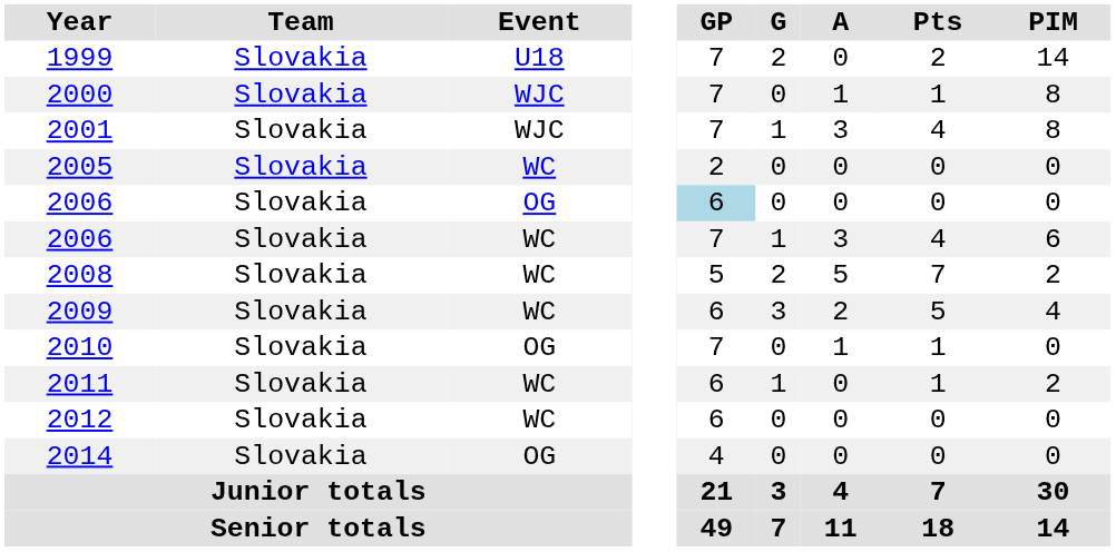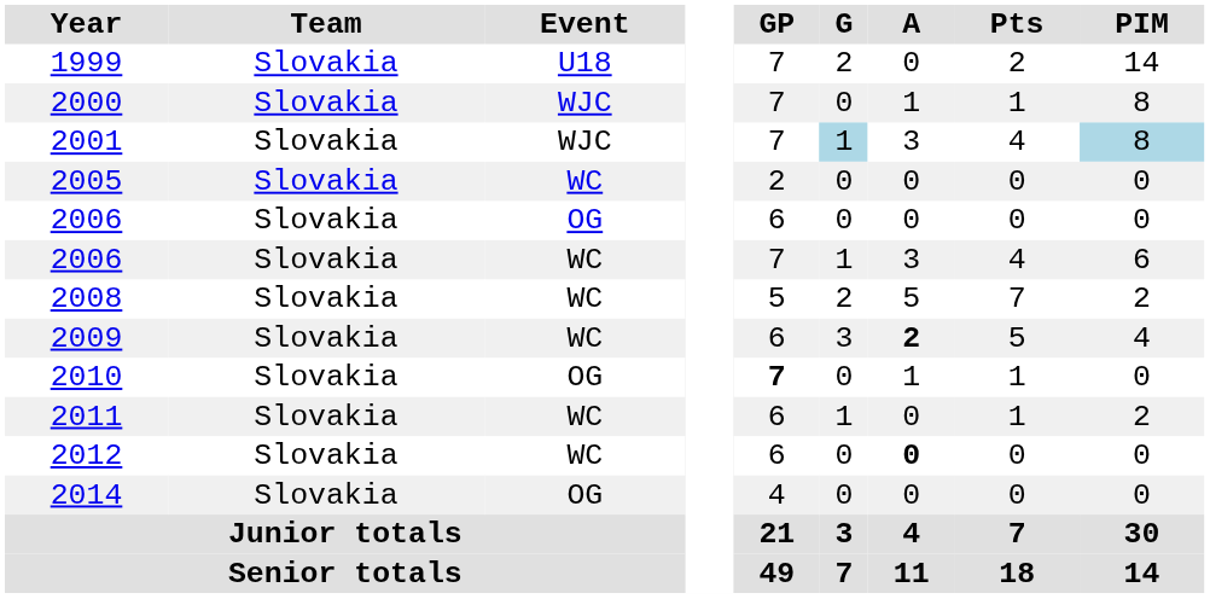 <table border="0" cellpadding="1" cellspacing="0" style="text-align:center; width:40em">
 <tr align="center" bgcolor="#e0e0e0">
 <th>Year</th>
 <th>Team</th>
 <th>Event</th>
 <th rowspan="99" bgcolor="#ffffff"> </th>
 <th>GP</th>
 <th>G</th>
 <th>A</th>
 <th>Pts</th>
 <th>PIM</th>
 </tr>
 <tr>
 <td><a href='#'>1999</a></td>
 <td><a href='#'>Slovakia</a></td>
 <td><a href='#'>U18</a></td>
 <td>7</td>
 <td>2</td>
 <td>0</td>
 <td>2</td>
 <td>14</td>
 </tr>
 <tr bgcolor="#f0f0f0">
 <td><a href='#'>2000</a></td>
 <td><a href='#'>Slovakia</a></td>
 <td><a href='#'>WJC</a></td>
 <td>7</td>
 <td>0</td>
 <td>1</td>
 <td>1</td>
 <td>8</td>
 </tr>
 <tr>
 <td><a href='#'>2001</a></td>
 <td>Slovakia</td>
 <td>WJC</td>
 <td>7</td>
-<td>1</td>
+<td style="background: lightblue;">1</td>
 <td>3</td>
 <td>4</td>
-<td>8</td>
+<td style="background: lightblue;">8</td>
 </tr>
 <tr bgcolor="#f0f0f0">
 <td><a href='#'>2005</a></td>
 <td><a href='#'>Slovakia</a></td>
 <td><a href='#'>WC</a></td>
 <td>2</td>
 <td>0</td>
 <td>0</td>
 <td>0</td>
 <td>0</td>
 </tr>
 <tr>
 <td><a href='#'>2006</a></td>
 <td>Slovakia</td>
 <td><a href='#'>OG</a></td>
-<td style="background: lightblue;">6</td>
+<td>6</td>
 <td>0</td>
 <td>0</td>
 <td>0</td>
 <td>0</td>
 </tr>
 <tr bgcolor="#f0f0f0">
 <td><a href='#'>2006</a></td>
 <td>Slovakia</td>
 <td>WC</td>
 <td>7</td>
 <td>1</td>
 <td>3</td>
 <td>4</td>
 <td>6</td>
 </tr>
 <tr>
 <td><a href='#'>2008</a></td>
 <td>Slovakia</td>
 <td>WC</td>
 <td>5</td>
 <td>2</td>
 <td>5</td>
 <td>7</td>
 <td>2</td>
 </tr>
 <tr bgcolor="#f0f0f0">
 <td><a href='#'>2009</a></td>
 <td>Slovakia</td>
 <td>WC</td>
 <td>6</td>
 <td>3</td>
-<td>2</td>
+<td><strong>2</strong></td>
 <td>5</td>
 <td>4</td>
 </tr>
 <tr>
 <td><a href='#'>2010</a></td>
 <td>Slovakia</td>
 <td>OG</td>
-<td>7</td>
+<td><strong>7</strong></td>
 <td>0</td>
 <td>1</td>
 <td>1</td>
 <td>0</td>
 </tr>
 <tr bgcolor="#f0f0f0">
 <td><a href='#'>2011</a></td>
 <td>Slovakia</td>
 <td>WC</td>
 <td>6</td>
 <td>1</td>
 <td>0</td>
 <td>1</td>
 <td>2</td>
 </tr>
 <tr>
 <td><a href='#'>2012</a></td>
 <td>Slovakia</td>
 <td>WC</td>
 <td>6</td>
 <td>0</td>
-<td>0</td>
+<td><strong>0</strong></td>
 <td>0</td>
 <td>0</td>
 </tr>
 <tr bgcolor="#f0f0f0">
 <td><a href='#'>2014</a></td>
 <td>Slovakia</td>
 <td>OG</td>
 <td>4</td>
 <td>0</td>
 <td>0</td>
 <td>0</td>
 <td>0</td>
 </tr>
 <tr bgcolor="#e0e0e0">
 <th colspan=3>Junior totals</th>
 <th>21</th>
 <th>3</th>
 <th>4</th>
 <th>7</th>
 <th>30</th>
 </tr>
 <tr bgcolor="#e0e0e0">
 <th colspan=3>Senior totals</th>
 <th>49</th>
 <th>7</th>
 <th>11</th>
 <th>18</th>
 <th>14</th>
 </tr>
 </table>
